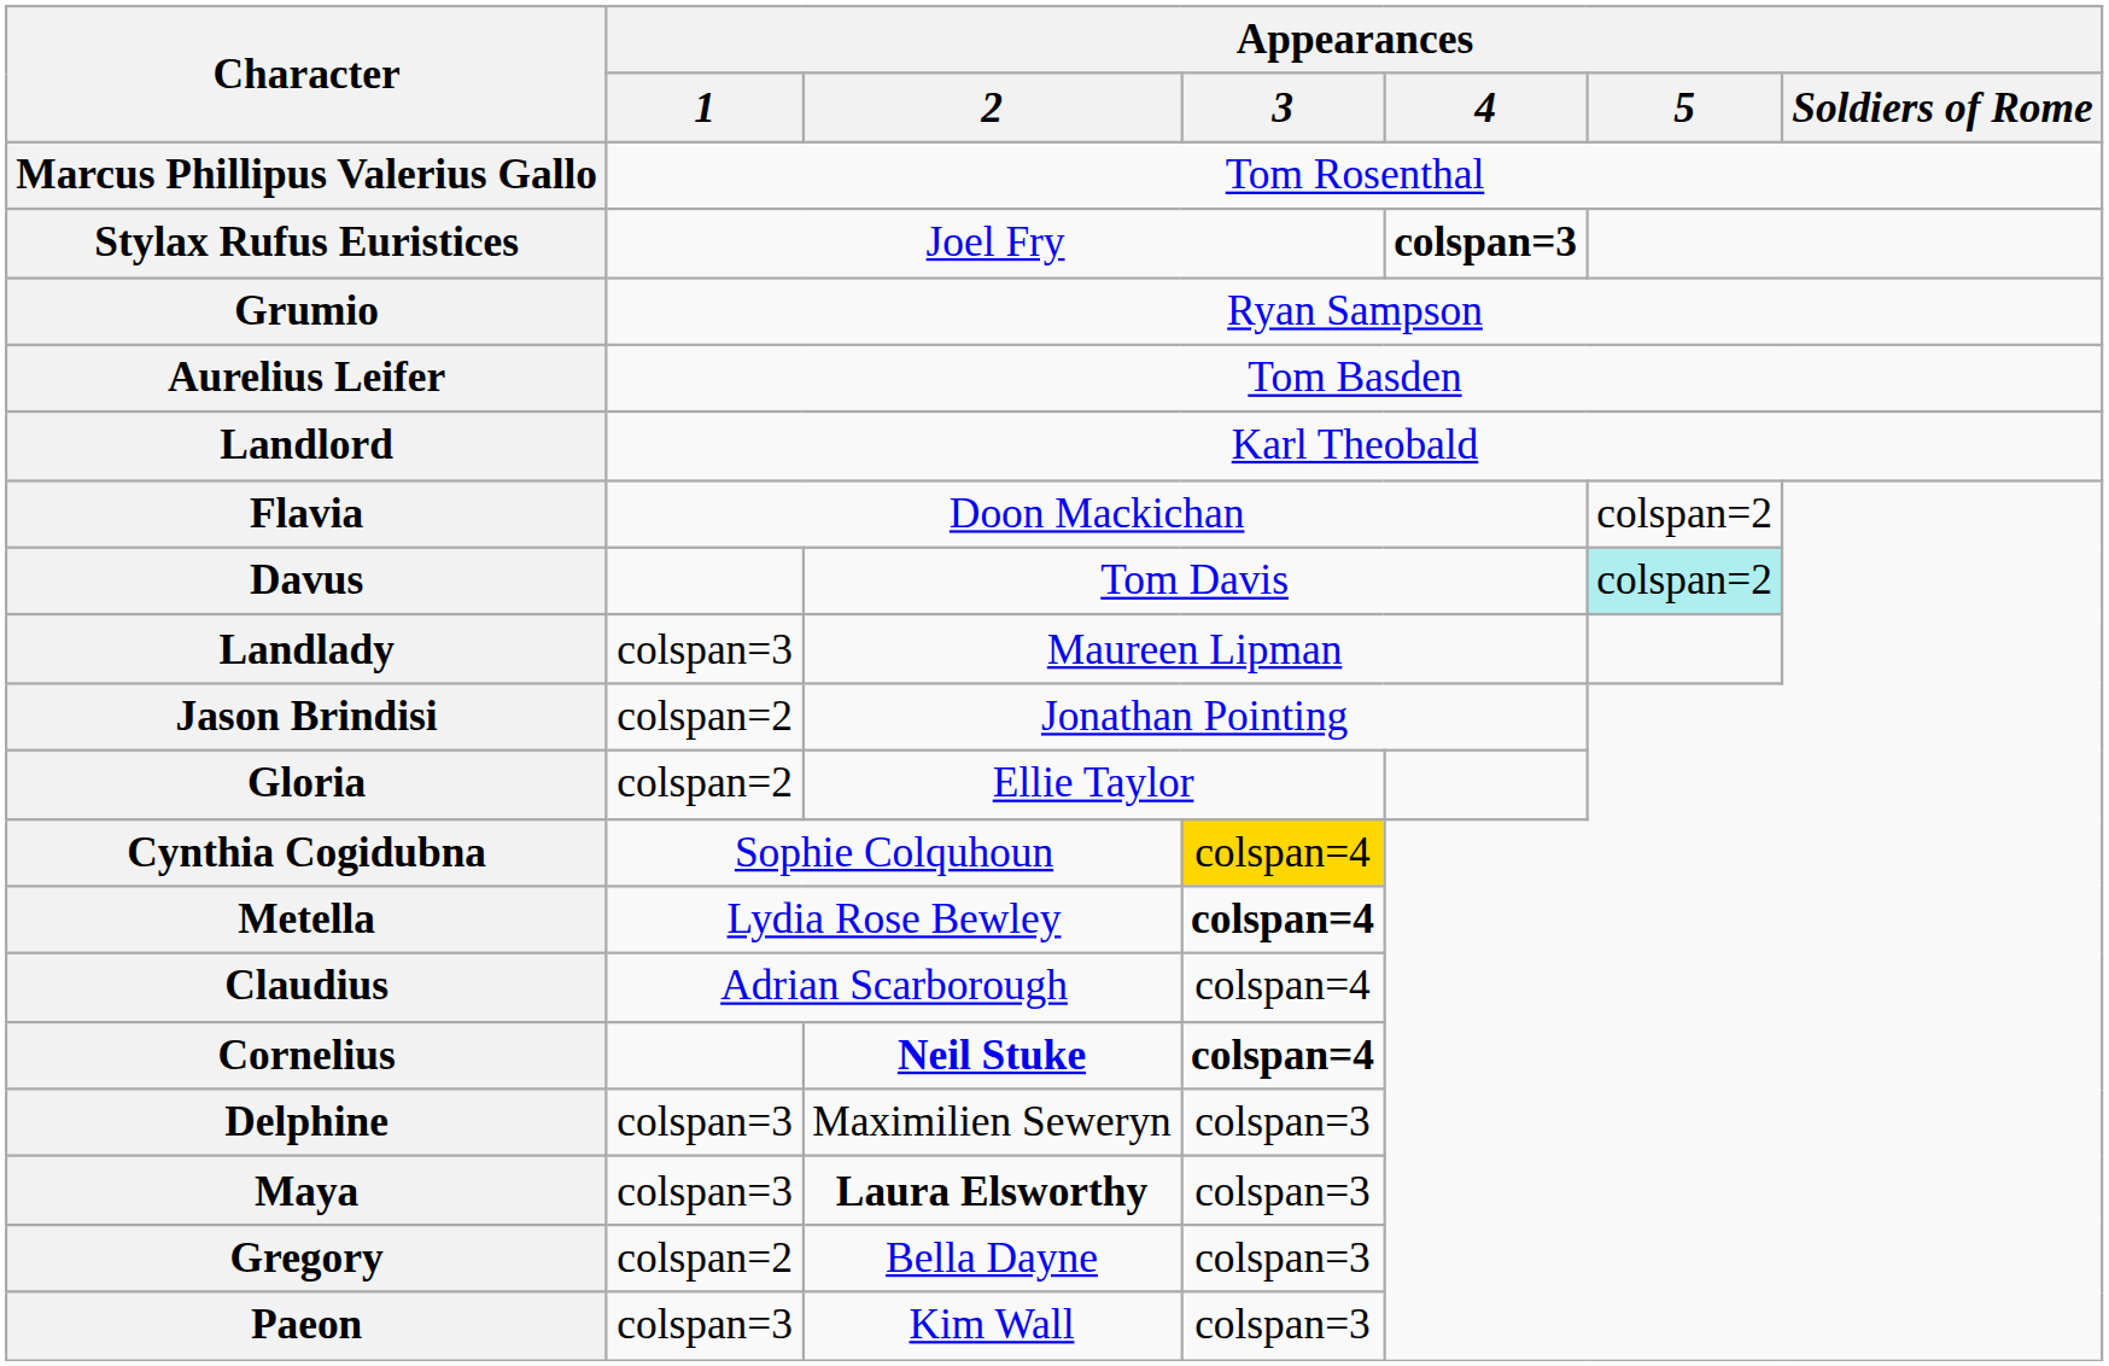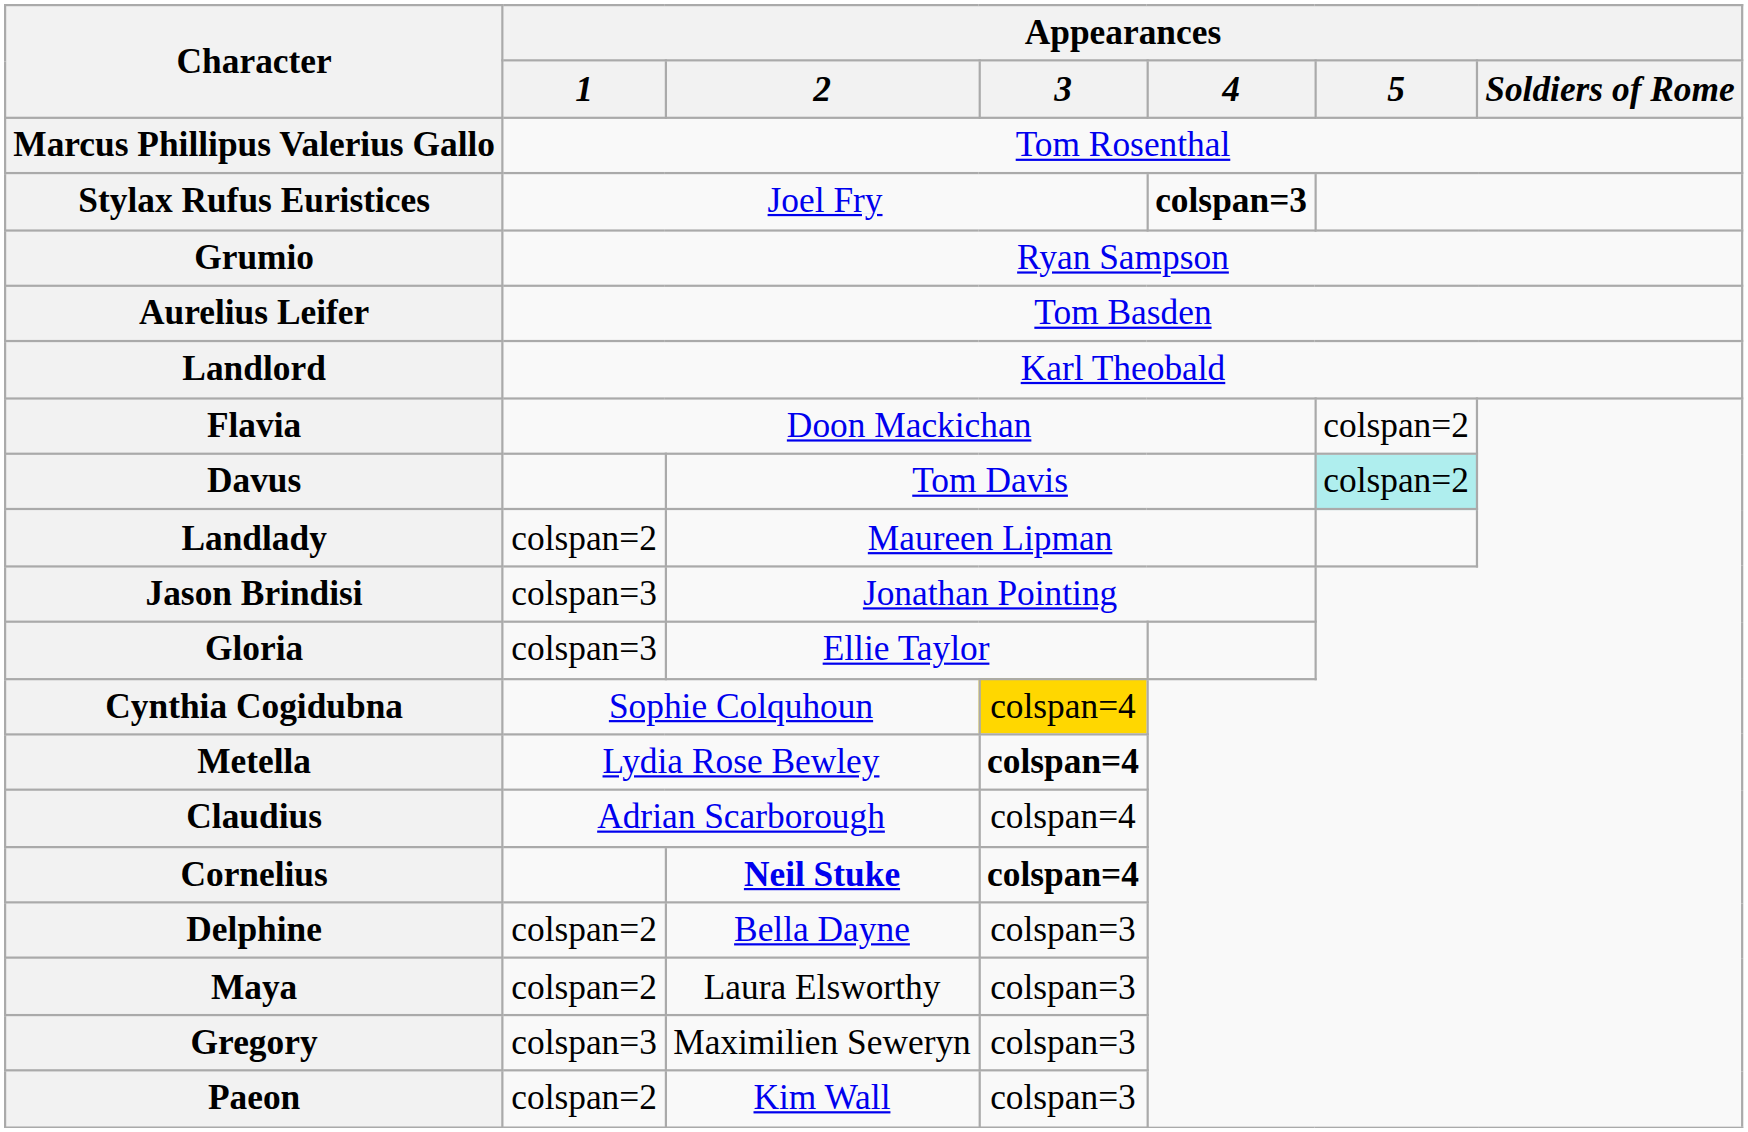 <table class="wikitable" style="text-align: center">
 <tr>
 <th rowspan=2>Character</th>
 <th colspan=6>Appearances</th>
 </tr>
 <tr>
 <th style="width:60px"><em>1</em></th>
 <th><em>2</em></th>
 <th><em>3</em></th>
 <th><em>4</em></th>
 <th><em>5</em></th>
 <th><em>Soldiers of Rome</em></th>
 </tr>
 <tr>
 <th>Marcus Phillipus Valerius Gallo</th>
 <td colspan=6><a href='#'>Tom Rosenthal</a></td>
 </tr>
 <tr>
 <th>Stylax Rufus Euristices</th>
 <td colspan=3><a href='#'>Joel Fry</a></td>
 <td><strong>colspan=3 </strong></td>
 </tr>
 <tr>
 <th>Grumio</th>
 <td colspan=6><a href='#'>Ryan Sampson</a></td>
 </tr>
 <tr>
 <th>Aurelius Leifer</th>
 <td colspan=6><a href='#'>Tom Basden</a></td>
 </tr>
 <tr>
 <th>Landlord</th>
 <td colspan=6><a href='#'>Karl Theobald</a></td>
 </tr>
 <tr>
 <th>Flavia</th>
 <td colspan=4><a href='#'>Doon Mackichan</a></td>
 <td>colspan=2 </td>
 </tr>
 <tr>
 <th>Davus</th>
 <td></td>
 <td colspan=3><a href='#'>Tom Davis</a></td>
 <td style="background: paleturquoise;">colspan=2 </td>
 </tr>
 <tr>
 <th>Landlady</th>
-<td>colspan=3 </td>
+<td>colspan=2 </td>
 <td colspan=3><a href='#'>Maureen Lipman</a></td>
 <td></td>
 </tr>
 <tr>
 <th>Jason Brindisi</th>
-<td>colspan=2 </td>
+<td>colspan=3 </td>
 <td colspan=3><a href='#'>Jonathan Pointing</a></td>
 </tr>
 <tr>
 <th>Gloria</th>
-<td>colspan=2 </td>
+<td>colspan=3 </td>
 <td colspan=2><a href='#'>Ellie Taylor</a></td>
 <td></td>
 </tr>
 <tr>
 <th>Cynthia Cogidubna</th>
 <td colspan=2><a href='#'>Sophie Colquhoun</a></td>
 <td style="background: gold;">colspan=4 </td>
 </tr>
 <tr>
 <th>Metella</th>
 <td colspan=2><a href='#'>Lydia Rose Bewley</a></td>
 <td><strong>colspan=4 </strong></td>
 </tr>
 <tr>
 <th>Claudius</th>
 <td colspan=2><a href='#'>Adrian Scarborough</a></td>
 <td>colspan=4 </td>
 </tr>
 <tr>
 <th>Cornelius</th>
 <td></td>
 <td><strong><a href='#'>Neil Stuke</a></strong></td>
 <td><strong>colspan=4 </strong></td>
 </tr>
 <tr>
 <th>Delphine</th>
+<td>colspan=2 </td>
+<td><a href='#'>Bella Dayne</a></td>
+<td>colspan=3 </td>
+</tr>
+<tr>
+<th>Maya</th>
+<td>colspan=2 </td>
+<td>Laura Elsworthy</td>
+<td>colspan=3 </td>
+</tr>
+<tr>
+<th>Gregory</th>
 <td>colspan=3 </td>
 <td>Maximilien Seweryn</td>
 <td>colspan=3 </td>
 </tr>
 <tr>
-<th>Maya</th>
-<td>colspan=3 </td>
-<td><strong>Laura Elsworthy</strong></td>
-<td>colspan=3 </td>
-</tr>
-<tr>
-<th>Gregory</th>
+<th>Paeon</th>
 <td>colspan=2 </td>
-<td><a href='#'>Bella Dayne</a></td>
-<td>colspan=3 </td>
-</tr>
-<tr>
-<th>Paeon</th>
-<td>colspan=3 </td>
 <td><a href='#'>Kim Wall</a></td>
 <td>colspan=3 </td>
 </tr>
 <tr>
 </tr>
 </table>
